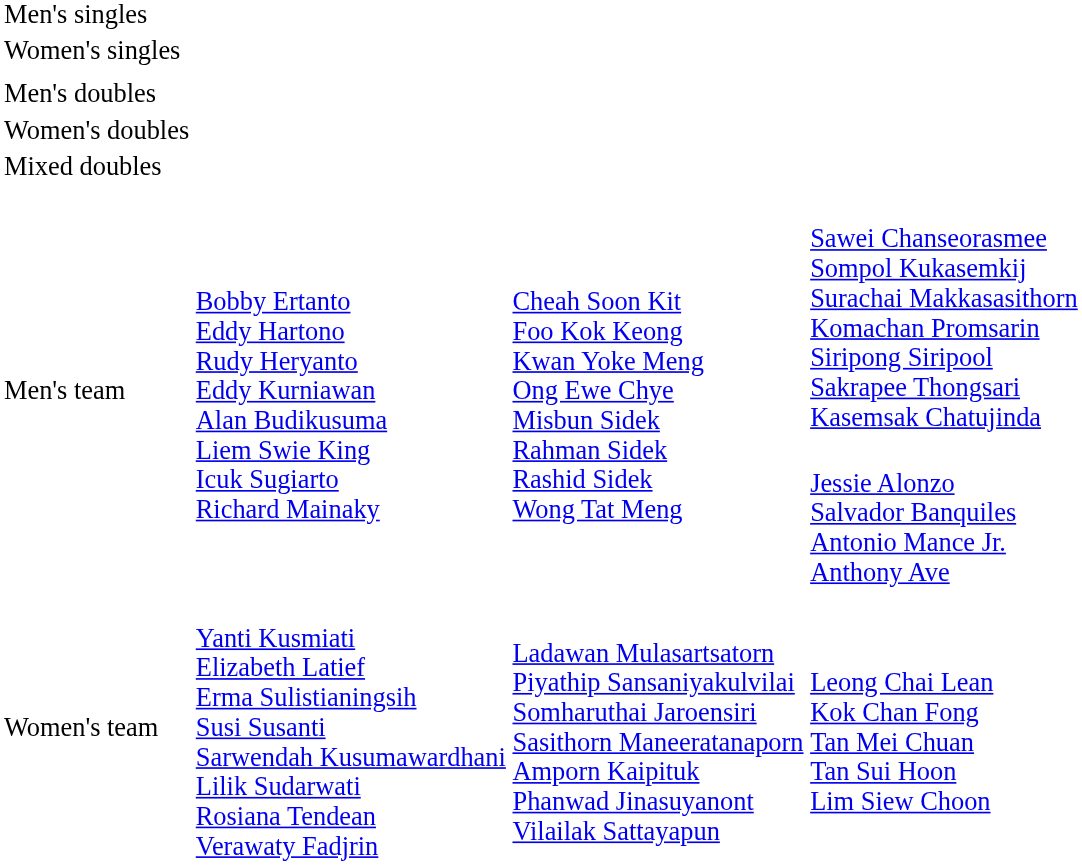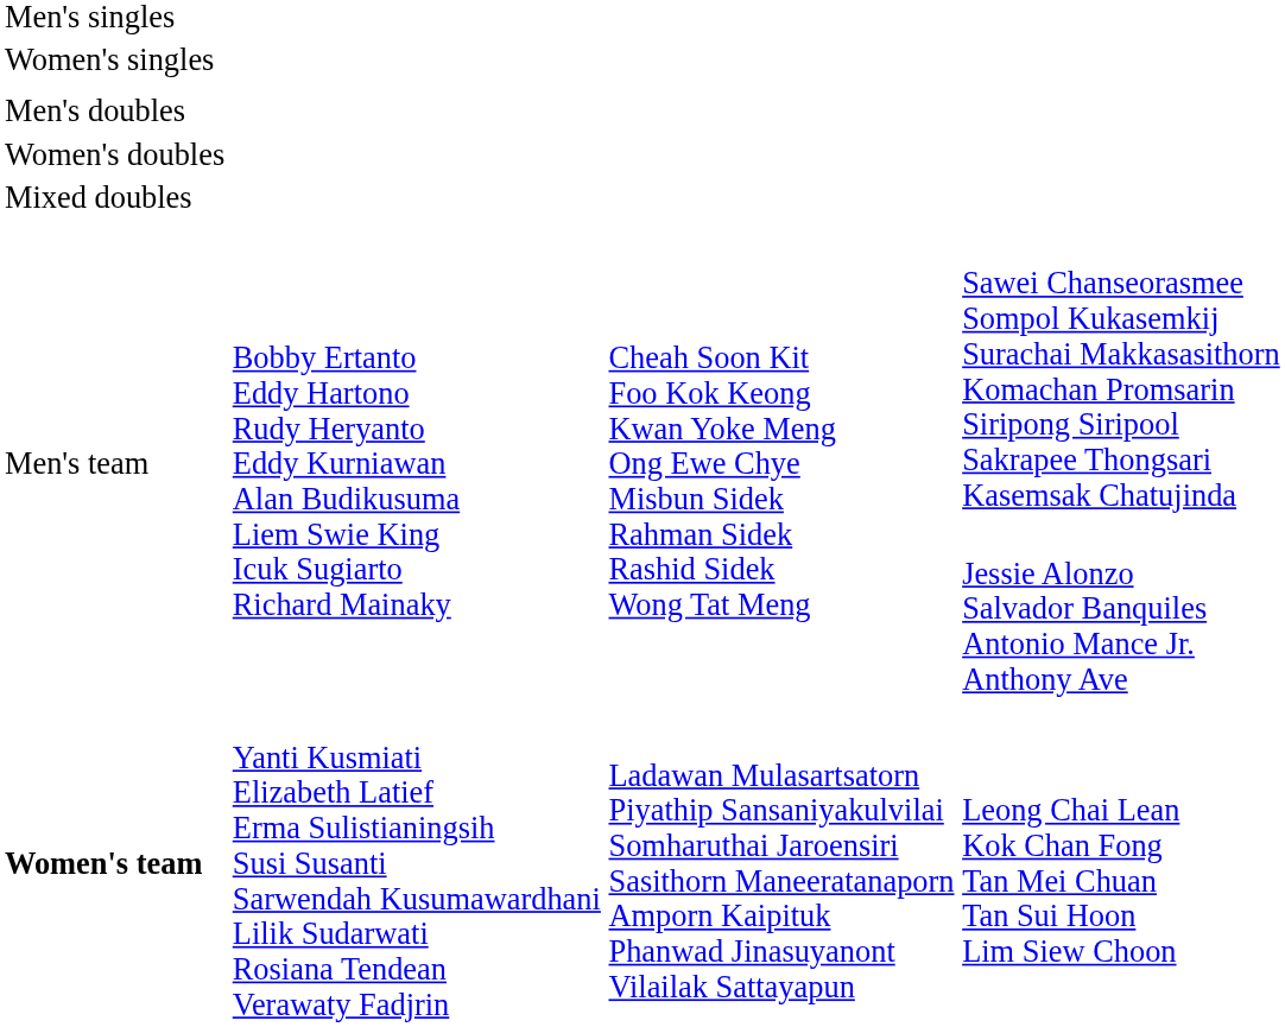 <table>
 <tr>
 <td rowspan="2">Men's singles<br></td>
 <td rowspan="2"></td>
 <td rowspan="2"></td>
 <td></td>
 </tr>
 <tr>
 <td></td>
 </tr>
 <tr>
 <td rowspan="2">Women's singles<br></td>
 <td rowspan="2"></td>
 <td rowspan="2"></td>
 <td></td>
 </tr>
 <tr>
 <td></td>
 </tr>
 <tr>
 <td colspan=4></td>
 </tr>
 <tr>
 <td rowspan="2">Men's doubles<br></td>
 <td rowspan="2"></td>
 <td rowspan="2"></td>
 <td></td>
 </tr>
 <tr>
 <td></td>
 </tr>
 <tr>
 <td rowspan="2">Women's doubles<br></td>
 <td rowspan="2"></td>
 <td rowspan="2"></td>
 <td></td>
 </tr>
 <tr>
 <td></td>
 </tr>
 <tr>
 <td rowspan="2">Mixed doubles<br></td>
 <td rowspan="2"></td>
 <td rowspan="2"></td>
 <td></td>
 </tr>
 <tr>
 <td></td>
 </tr>
 <tr>
 <td colspan=4></td>
 </tr>
 <tr>
 <td rowspan="2">Men's team<br></td>
 <td rowspan="2"><br><a href='#'>Bobby Ertanto</a><br><a href='#'>Eddy Hartono</a><br><a href='#'>Rudy Heryanto</a><br><a href='#'>Eddy Kurniawan</a><br><a href='#'>Alan Budikusuma</a><br><a href='#'>Liem Swie King</a><br><a href='#'>Icuk Sugiarto</a><br><a href='#'>Richard Mainaky</a></td>
 <td rowspan="2"><br><a href='#'>Cheah Soon Kit</a><br><a href='#'>Foo Kok Keong</a><br><a href='#'>Kwan Yoke Meng</a><br><a href='#'>Ong Ewe Chye</a><br><a href='#'>Misbun Sidek</a><br><a href='#'>Rahman Sidek</a><br><a href='#'>Rashid Sidek</a><br><a href='#'>Wong Tat Meng</a></td>
 <td><br><a href='#'>Sawei Chanseorasmee</a><br><a href='#'>Sompol Kukasemkij</a><br><a href='#'>Surachai Makkasasithorn</a><br><a href='#'>Komachan Promsarin</a><br><a href='#'>Siripong Siripool</a><br><a href='#'>Sakrapee Thongsari</a><br><a href='#'>Kasemsak Chatujinda</a></td>
 </tr>
 <tr>
 <td><br><a href='#'>Jessie Alonzo</a><br><a href='#'>Salvador Banquiles</a><br><a href='#'>Antonio Mance Jr.</a><br><a href='#'>Anthony Ave</a></td>
 </tr>
 <tr>
-<td>Women's team<br></td>
+<td><strong>Women's team<br></strong></td>
 <td><br><a href='#'>Yanti Kusmiati</a><br><a href='#'>Elizabeth Latief</a><br><a href='#'>Erma Sulistianingsih</a><br><a href='#'>Susi Susanti</a><br><a href='#'>Sarwendah Kusumawardhani</a><br><a href='#'>Lilik Sudarwati</a><br><a href='#'>Rosiana Tendean</a><br><a href='#'>Verawaty Fadjrin</a></td>
 <td><br><a href='#'>Ladawan Mulasartsatorn</a><br><a href='#'>Piyathip Sansaniyakulvilai</a><br><a href='#'>Somharuthai Jaroensiri</a><br><a href='#'>Sasithorn Maneeratanaporn</a><br><a href='#'>Amporn Kaipituk</a><br><a href='#'>Phanwad Jinasuyanont</a><br><a href='#'>Vilailak Sattayapun</a></td>
 <td><br><a href='#'>Leong Chai Lean</a><br><a href='#'>Kok Chan Fong</a><br><a href='#'>Tan Mei Chuan</a><br><a href='#'>Tan Sui Hoon</a><br><a href='#'>Lim Siew Choon</a></td>
 </tr>
 </table>
